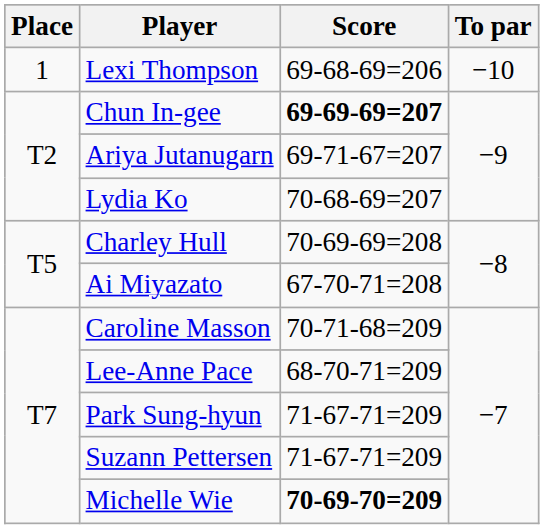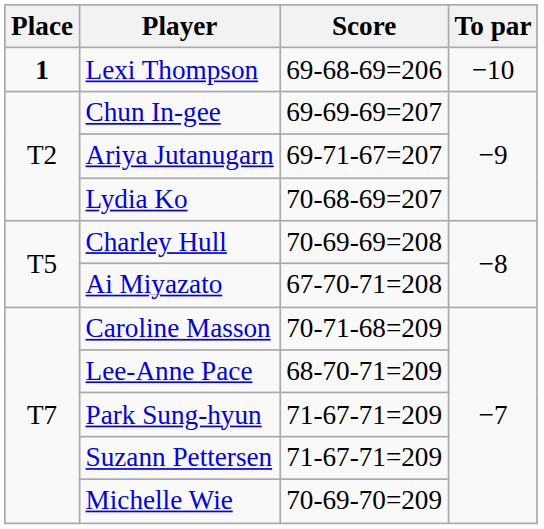 <table class="wikitable">
 <tr>
 <th>Place</th>
 <th>Player</th>
 <th>Score</th>
 <th>To par</th>
 </tr>
 <tr>
-<td align=center>1</td>
+<td align=center><strong>1</strong></td>
 <td> <a href='#'>Lexi Thompson</a></td>
 <td>69-68-69=206</td>
 <td align=center>−10</td>
 </tr>
 <tr>
 <td rowspan=3 align=center>T2</td>
 <td> <a href='#'>Chun In-gee</a></td>
-<td><strong>69-69-69=207</strong></td>
+<td>69-69-69=207</td>
 <td rowspan=3 align=center>−9</td>
 </tr>
 <tr>
 <td> <a href='#'>Ariya Jutanugarn</a></td>
 <td>69-71-67=207</td>
 </tr>
 <tr>
 <td> <a href='#'>Lydia Ko</a></td>
 <td>70-68-69=207</td>
 </tr>
 <tr>
 <td rowspan=2 align=center>T5</td>
 <td> <a href='#'>Charley Hull</a></td>
 <td>70-69-69=208</td>
 <td rowspan=2 align=center>−8</td>
 </tr>
 <tr>
 <td> <a href='#'>Ai Miyazato</a></td>
 <td>67-70-71=208</td>
 </tr>
 <tr>
 <td rowspan=5 align=center>T7</td>
 <td> <a href='#'>Caroline Masson</a></td>
 <td>70-71-68=209</td>
 <td rowspan=5 align=center>−7</td>
 </tr>
 <tr>
 <td> <a href='#'>Lee-Anne Pace</a></td>
 <td>68-70-71=209</td>
 </tr>
 <tr>
 <td> <a href='#'>Park Sung-hyun</a></td>
 <td>71-67-71=209</td>
 </tr>
 <tr>
 <td> <a href='#'>Suzann Pettersen</a></td>
 <td>71-67-71=209</td>
 </tr>
 <tr>
 <td> <a href='#'>Michelle Wie</a></td>
-<td><strong>70-69-70=209</strong></td>
+<td>70-69-70=209</td>
 </tr>
 </table>
